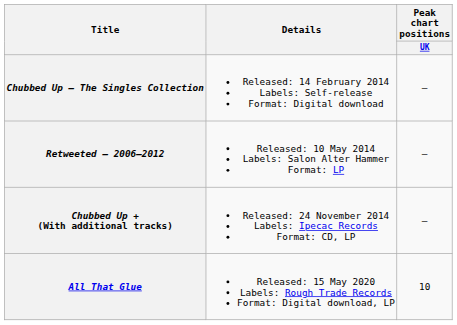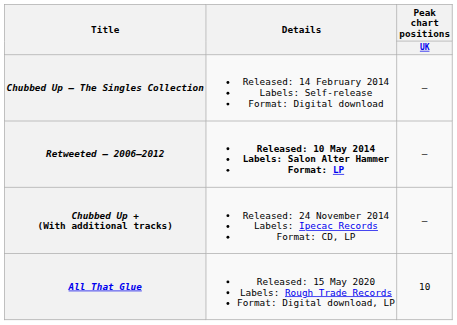 <table class="wikitable plainrowheaders" style="text-align:center;">
 <tr>
 <th scope="col" rowspan="2">Title</th>
 <th scope="col" rowspan="2">Details</th>
 <th scope="col" colspan="1">Peak chart positions</th>
 </tr>
 <tr>
 <th scope="col" style="width:3em;font-size:85%;"><a href='#'>UK</a><br></th>
 </tr>
 <tr>
 <th scope="row"><em>Chubbed Up – The Singles Collection</em></th>
 <td><br><ul><li>Released: 14 February 2014</li><li>Labels: Self-release</li><li>Format: Digital download</li></ul></td>
 <td>—</td>
 </tr>
 <tr>
 <th scope="row"><em>Retweeted – 2006–2012</em></th>
-<td><br><ul><li>Released: 10 May 2014</li><li>Labels: Salon Alter Hammer</li><li>Format: <a href='#'>LP</a></li></ul></td>
+<td><strong><br><ul><li>Released: 10 May 2014</li><li>Labels: Salon Alter Hammer</li><li>Format: <a href='#'>LP</a></li></ul></strong></td>
 <td>—</td>
 </tr>
 <tr>
 <th scope="row"><em>Chubbed Up +</em><br>(With additional tracks)</th>
 <td><br><ul><li>Released: 24 November 2014</li><li>Labels: <a href='#'>Ipecac Records</a></li><li>Format: CD, LP</li></ul></td>
 <td>—</td>
 </tr>
 <tr>
 <th scope="row"><em><a href='#'>All That Glue</a></em></th>
 <td><br><ul><li>Released: 15 May 2020</li><li>Labels: <a href='#'>Rough Trade Records</a></li><li>Format: Digital download, LP</li></ul></td>
 <td>10</td>
 </tr>
 </table>
